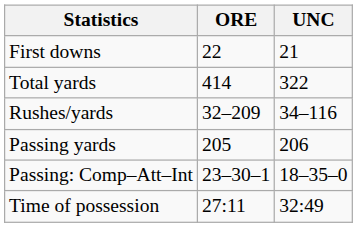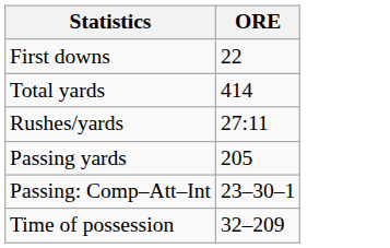 <table class="wikitable" style="float: left;">
 <tr>
 <th>Statistics</th>
 <th>ORE</th>
-<th>UNC</th>
 </tr>
 <tr>
 <td>First downs</td>
 <td>22</td>
-<td>21</td>
 </tr>
 <tr>
 <td>Total yards</td>
 <td>414</td>
-<td>322</td>
 </tr>
 <tr>
 <td>Rushes/yards</td>
-<td>32–209</td>
-<td>34–116</td>
+<td>27:11</td>
 </tr>
 <tr>
 <td>Passing yards</td>
 <td>205</td>
-<td>206</td>
 </tr>
 <tr>
 <td>Passing: Comp–Att–Int</td>
 <td>23–30–1</td>
-<td>18–35–0</td>
 </tr>
 <tr>
 <td>Time of possession</td>
-<td>27:11</td>
-<td>32:49</td>
+<td>32–209</td>
 </tr>
 </table>
